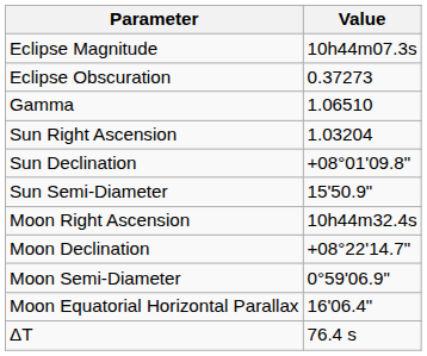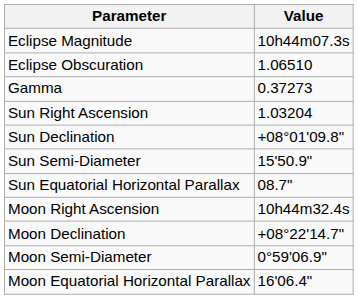 <table class="wikitable">
 <tr>
 <th>Parameter</th>
 <th>Value</th>
 </tr>
 <tr>
 <td>Eclipse Magnitude</td>
 <td>10h44m07.3s</td>
 </tr>
 <tr>
 <td>Eclipse Obscuration</td>
-<td>0.37273</td>
+<td>1.06510</td>
 </tr>
 <tr>
 <td>Gamma</td>
-<td>1.06510</td>
+<td>0.37273</td>
 </tr>
 <tr>
 <td>Sun Right Ascension</td>
 <td>1.03204</td>
 </tr>
 <tr>
 <td>Sun Declination</td>
 <td>+08°01'09.8"</td>
 </tr>
 <tr>
 <td>Sun Semi-Diameter</td>
 <td>15'50.9"</td>
+</tr>
+<tr>
+<td>Sun Equatorial Horizontal Parallax</td>
+<td>08.7"</td>
 </tr>
 <tr>
 <td>Moon Right Ascension</td>
 <td>10h44m32.4s</td>
 </tr>
 <tr>
 <td>Moon Declination</td>
 <td>+08°22'14.7"</td>
 </tr>
 <tr>
 <td>Moon Semi-Diameter</td>
 <td>0°59'06.9"</td>
 </tr>
 <tr>
 <td>Moon Equatorial Horizontal Parallax</td>
 <td>16'06.4"</td>
 </tr>
-<tr>
-<td>ΔT</td>
-<td>76.4 s</td>
-</tr>
 </table>
